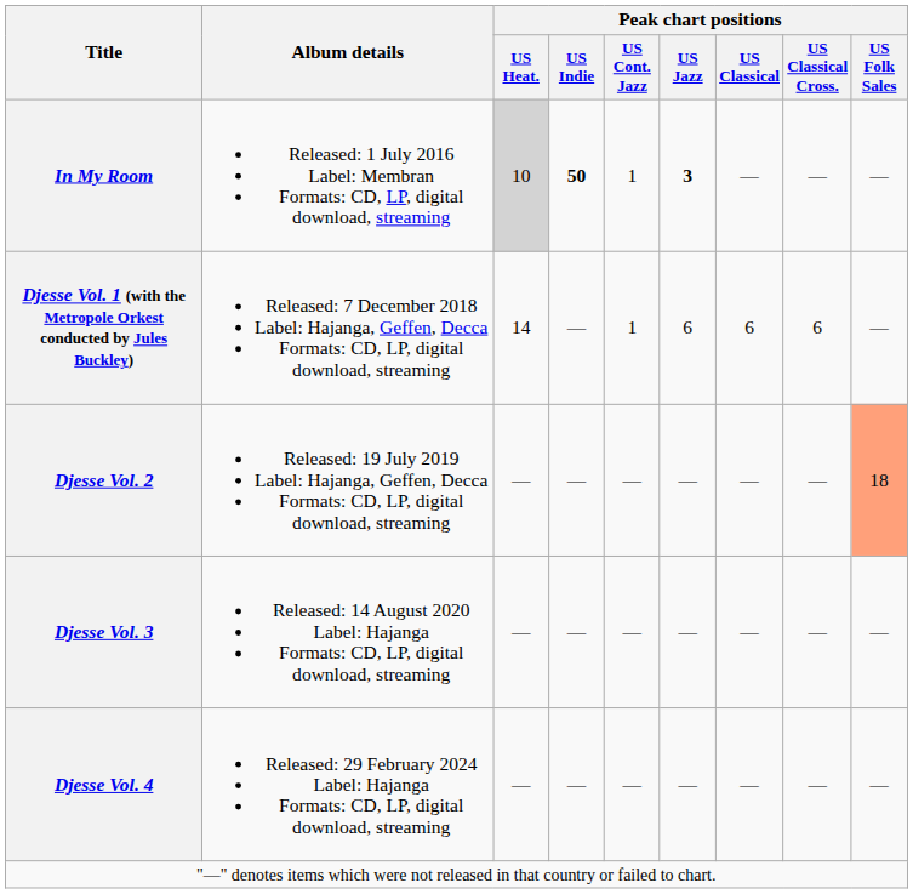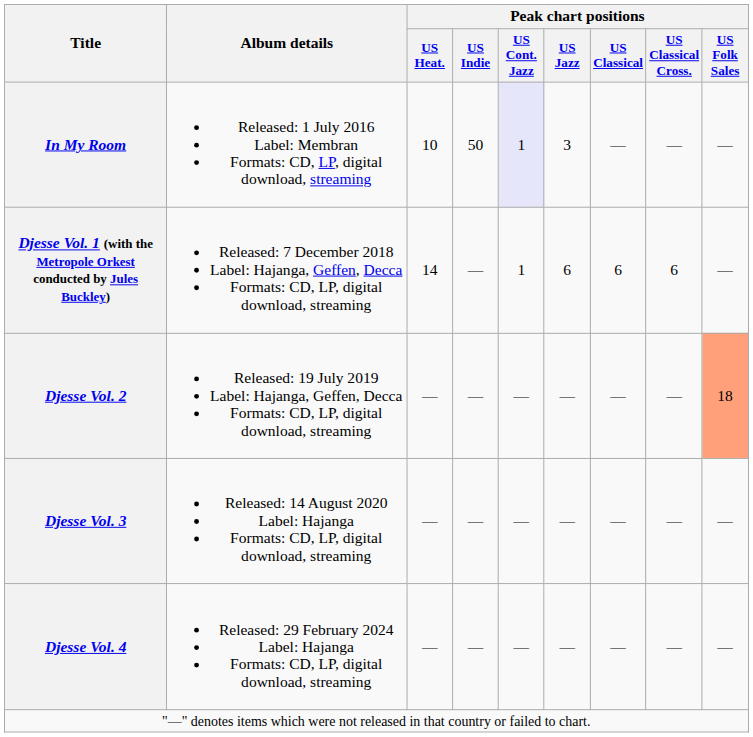 <table class="wikitable plainrowheaders" style="text-align:center;">
 <tr>
 <th scope="col" rowspan="2" style="width:10em;">Title</th>
 <th scope="col" rowspan="2" style="width:15em;">Album details</th>
 <th scope="col" colspan="7">Peak chart positions</th>
 </tr>
 <tr>
 <th scope="col" style="width:3em;font-size:85%;"><a href='#'>US<br>Heat.</a><br></th>
 <th scope="col" style="width:3em;font-size:85%;"><a href='#'>US<br>Indie</a><br></th>
 <th scope="col" style="width:3em;font-size:85%;"><a href='#'>US<br>Cont.<br>Jazz</a><br></th>
 <th scope="col" style="width:3em;font-size:85%;"><a href='#'>US<br>Jazz</a><br></th>
 <th scope="col" style="width:3em;font-size:85%;"><a href='#'>US<br>Classical</a><br></th>
 <th scope="col" style="width:3em;font-size:85%;"><a href='#'>US<br>Classical Cross.</a><br></th>
 <th scope="col" style="width:3em;font-size:85%;"><a href='#'>US<br>Folk Sales</a><br></th>
 </tr>
 <tr>
 <th scope="row"><em><a href='#'>In My Room</a></em></th>
 <td><br><ul><li>Released: 1 July 2016</li><li>Label: Membran</li><li>Formats: CD, <a href='#'>LP</a>, digital download, <a href='#'>streaming</a></li></ul></td>
-<td style="background: lightgrey;">10</td>
-<td><strong>50</strong></td>
-<td>1</td>
-<td><strong>3</strong></td>
+<td>10</td>
+<td>50</td>
+<td style="background: lavender;">1</td>
+<td>3</td>
 <td>—</td>
 <td>—</td>
 <td>—</td>
 </tr>
 <tr>
 <th scope="row"><em><a href='#'>Djesse Vol. 1</a></em> <small>(with the <a href='#'>Metropole Orkest</a> conducted by <a href='#'>Jules Buckley</a>)</small></th>
 <td><br><ul><li>Released: 7 December 2018</li><li>Label: Hajanga, <a href='#'>Geffen</a>, <a href='#'>Decca</a></li><li>Formats: CD, LP, digital download, streaming</li></ul></td>
 <td>14</td>
 <td>—</td>
 <td>1</td>
 <td>6</td>
 <td>6</td>
 <td>6</td>
 <td>—</td>
 </tr>
 <tr>
 <th scope="row"><em><a href='#'>Djesse Vol. 2</a></em></th>
 <td><br><ul><li>Released: 19 July 2019</li><li>Label: Hajanga, Geffen, Decca</li><li>Formats: CD, LP, digital download, streaming</li></ul></td>
 <td>—</td>
 <td>—</td>
 <td>—</td>
 <td>—</td>
 <td>—</td>
 <td>—</td>
 <td style="background: lightsalmon;">18</td>
 </tr>
 <tr>
 <th scope="row"><em><a href='#'>Djesse Vol. 3</a></em></th>
 <td><br><ul><li>Released: 14 August 2020</li><li>Label: Hajanga</li><li>Formats: CD, LP, digital download, streaming</li></ul></td>
 <td>—</td>
 <td>—</td>
 <td>—</td>
 <td>—</td>
 <td>—</td>
 <td>—</td>
 <td>—</td>
 </tr>
 <tr>
 <th scope="row"><em><a href='#'>Djesse Vol. 4</a></em></th>
 <td><br><ul><li>Released: 29 February 2024</li><li>Label: Hajanga</li><li>Formats: CD, LP, digital download, streaming</li></ul></td>
 <td>—</td>
 <td>—</td>
 <td>—</td>
 <td>—</td>
 <td>—</td>
 <td>—</td>
 <td>—</td>
 </tr>
 <tr>
 <td colspan="14" style="font-size:90%;">"—" denotes items which were not released in that country or failed to chart.</td>
 </tr>
 </table>
